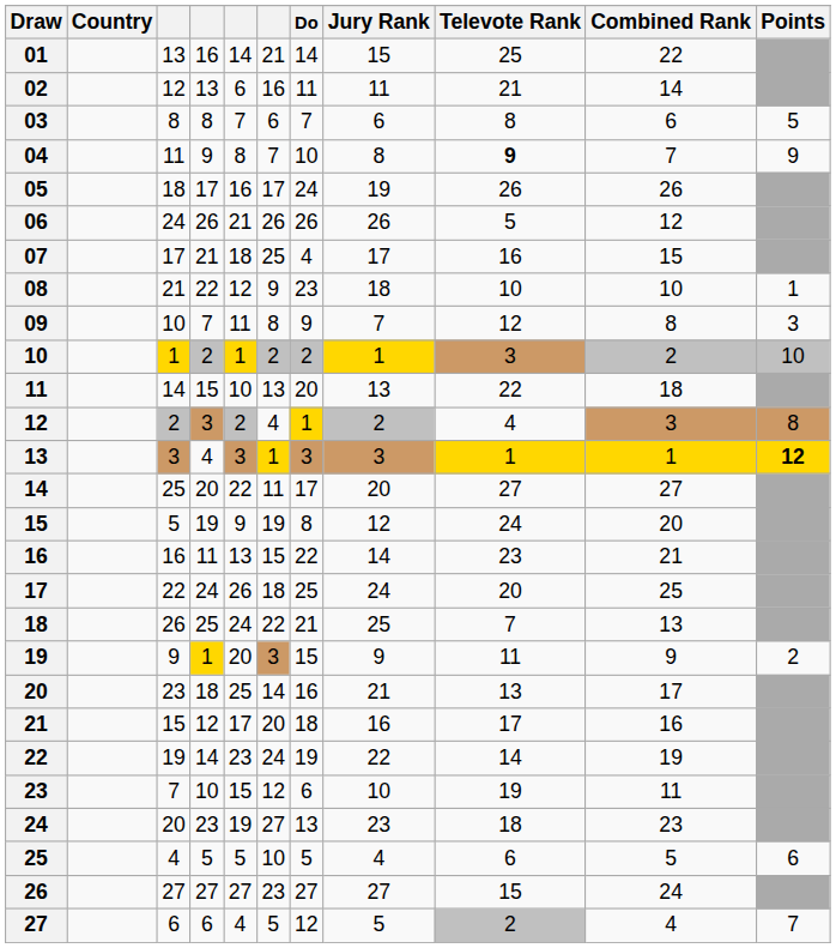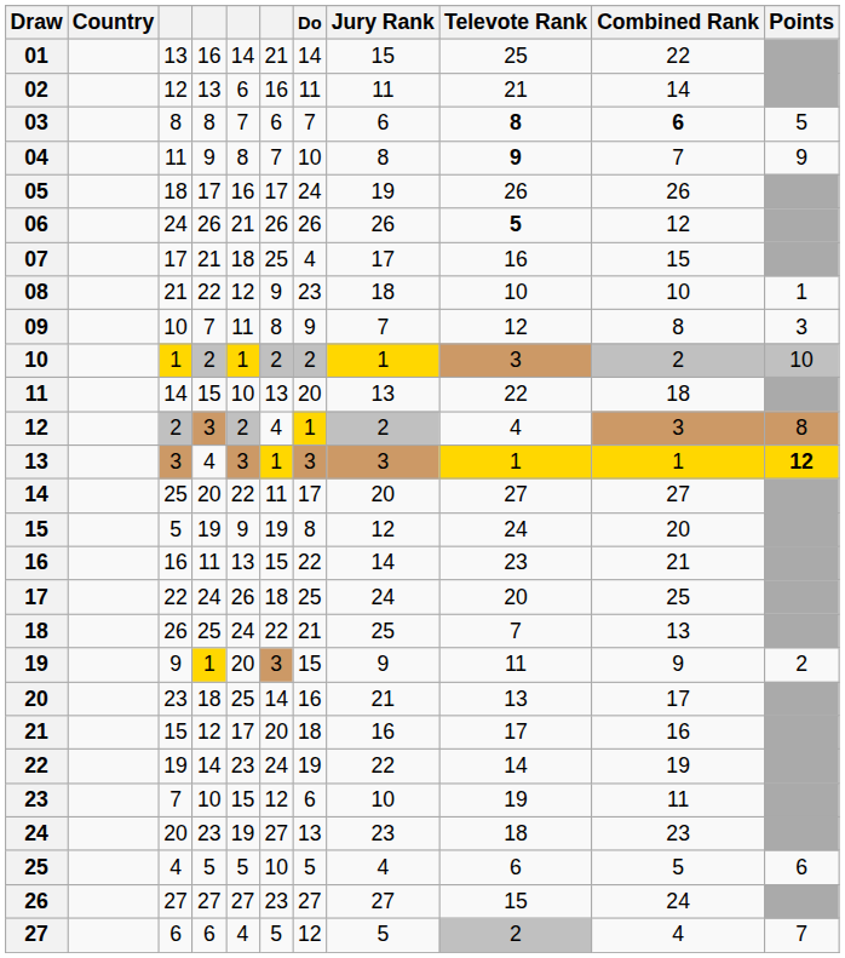 <table class="sortable wikitable collapsible plainrowheaders" style="text-align:center;">
 <tr>
 </tr>
 <tr>
 <th scope="col">Draw</th>
 <th scope="col">Country</th>
 <th scope="col"><small></small></th>
 <th scope="col"><small></small></th>
 <th scope="col"><small></small></th>
 <th scope="col"><small></small></th>
 <th scope="col"><small>Do</small></th>
 <th scope="col">Jury Rank</th>
 <th scope="col">Televote Rank</th>
 <th scope="col">Combined Rank</th>
 <th scope="col">Points</th>
 </tr>
 <tr>
 <th scope="row" style="text-align:center;">01</th>
 <td style="text-align:left;"></td>
 <td>13</td>
 <td>16</td>
 <td>14</td>
 <td>21</td>
 <td>14</td>
 <td>15</td>
 <td>25</td>
 <td>22</td>
 <td style="background:#AAAAAA;"></td>
 </tr>
 <tr>
 <th scope="row" style="text-align:center;">02</th>
 <td style="text-align:left;"></td>
 <td>12</td>
 <td>13</td>
 <td>6</td>
 <td>16</td>
 <td>11</td>
 <td>11</td>
 <td>21</td>
 <td>14</td>
 <td style="background:#AAAAAA;"></td>
 </tr>
 <tr>
 <th scope="row" style="text-align:center;">03</th>
 <td style="text-align:left;"></td>
 <td>8</td>
 <td>8</td>
 <td>7</td>
 <td>6</td>
 <td>7</td>
 <td>6</td>
-<td>8</td>
-<td>6</td>
+<td><strong>8</strong></td>
+<td><strong>6</strong></td>
 <td>5</td>
 </tr>
 <tr>
 <th scope="row" style="text-align:center;">04</th>
 <td style="text-align:left;"></td>
 <td>11</td>
 <td>9</td>
 <td>8</td>
 <td>7</td>
 <td>10</td>
 <td>8</td>
 <td><strong>9</strong></td>
 <td>7</td>
 <td>9</td>
 </tr>
 <tr>
 <th scope="row" style="text-align:center;">05</th>
 <td style="text-align:left;"></td>
 <td>18</td>
 <td>17</td>
 <td>16</td>
 <td>17</td>
 <td>24</td>
 <td>19</td>
 <td>26</td>
 <td>26</td>
 <td style="background:#AAAAAA;"></td>
 </tr>
 <tr>
 <th scope="row" style="text-align:center;">06</th>
 <td style="text-align:left;"></td>
 <td>24</td>
 <td>26</td>
 <td>21</td>
 <td>26</td>
 <td>26</td>
 <td>26</td>
-<td>5</td>
+<td><strong>5</strong></td>
 <td>12</td>
 <td style="background:#AAAAAA;"></td>
 </tr>
 <tr>
 <th scope="row" style="text-align:center;">07</th>
 <td style="text-align:left;"></td>
 <td>17</td>
 <td>21</td>
 <td>18</td>
 <td>25</td>
 <td>4</td>
 <td>17</td>
 <td>16</td>
 <td>15</td>
 <td style="background:#AAAAAA;"></td>
 </tr>
 <tr>
 <th scope="row" style="text-align:center;">08</th>
 <td style="text-align:left;"></td>
 <td>21</td>
 <td>22</td>
 <td>12</td>
 <td>9</td>
 <td>23</td>
 <td>18</td>
 <td>10</td>
 <td>10</td>
 <td>1</td>
 </tr>
 <tr>
 <th scope="row" style="text-align:center;">09</th>
 <td style="text-align:left;"></td>
 <td>10</td>
 <td>7</td>
 <td>11</td>
 <td>8</td>
 <td>9</td>
 <td>7</td>
 <td>12</td>
 <td>8</td>
 <td>3</td>
 </tr>
 <tr>
 <th scope="row" style="text-align:center;">10</th>
 <td style="text-align:left;"></td>
 <td style="background:gold;">1</td>
 <td style="background:silver;">2</td>
 <td style="background:gold;">1</td>
 <td style="background:silver;">2</td>
 <td style="background:silver;">2</td>
 <td style="background:gold;">1</td>
 <td style="background:#CC9966;">3</td>
 <td style="background:silver;">2</td>
 <td style="background:silver;">10</td>
 </tr>
 <tr>
 <th scope="row" style="text-align:center;">11</th>
 <td style="text-align:left;"></td>
 <td>14</td>
 <td>15</td>
 <td>10</td>
 <td>13</td>
 <td>20</td>
 <td>13</td>
 <td>22</td>
 <td>18</td>
 <td style="background:#AAAAAA;"></td>
 </tr>
 <tr>
 <th scope="row" style="text-align:center;">12</th>
 <td style="text-align:left;"></td>
 <td style="background:silver;">2</td>
 <td style="background:#CC9966;">3</td>
 <td style="background:silver;">2</td>
 <td>4</td>
 <td style="background:gold;">1</td>
 <td style="background:silver;">2</td>
 <td>4</td>
 <td style="background:#CC9966;">3</td>
 <td style="background:#CC9966;">8</td>
 </tr>
 <tr>
 <th scope="row" style="text-align:center;">13</th>
 <td style="text-align:left;"></td>
 <td style="background:#CC9966;">3</td>
 <td>4</td>
 <td style="background:#CC9966;">3</td>
 <td style="background:gold;">1</td>
 <td style="background:#CC9966;">3</td>
 <td style="background:#CC9966;">3</td>
 <td style="background:gold;">1</td>
 <td style="background:gold;">1</td>
 <td style="background:gold;"><strong>12</strong></td>
 </tr>
 <tr>
 <th scope="row" style="text-align:center;">14</th>
 <td style="text-align:left;"></td>
 <td>25</td>
 <td>20</td>
 <td>22</td>
 <td>11</td>
 <td>17</td>
 <td>20</td>
 <td>27</td>
 <td>27</td>
 <td style="background:#AAAAAA;"></td>
 </tr>
 <tr>
 <th scope="row" style="text-align:center;">15</th>
 <td style="text-align:left;"></td>
 <td>5</td>
 <td>19</td>
 <td>9</td>
 <td>19</td>
 <td>8</td>
 <td>12</td>
 <td>24</td>
 <td>20</td>
 <td style="background:#AAAAAA;"></td>
 </tr>
 <tr>
 <th scope="row" style="text-align:center;">16</th>
 <td style="text-align:left;"></td>
 <td>16</td>
 <td>11</td>
 <td>13</td>
 <td>15</td>
 <td>22</td>
 <td>14</td>
 <td>23</td>
 <td>21</td>
 <td style="background:#AAAAAA;"></td>
 </tr>
 <tr>
 <th scope="row" style="text-align:center;">17</th>
 <td style="text-align:left;"></td>
 <td>22</td>
 <td>24</td>
 <td>26</td>
 <td>18</td>
 <td>25</td>
 <td>24</td>
 <td>20</td>
 <td>25</td>
 <td style="background:#AAAAAA;"></td>
 </tr>
 <tr>
 <th scope="row" style="text-align:center;">18</th>
 <td style="text-align:left;"></td>
 <td>26</td>
 <td>25</td>
 <td>24</td>
 <td>22</td>
 <td>21</td>
 <td>25</td>
 <td>7</td>
 <td>13</td>
 <td style="background:#AAAAAA;"></td>
 </tr>
 <tr>
 <th scope="row" style="text-align:center;">19</th>
 <td style="text-align:left;"></td>
 <td>9</td>
 <td style="background:gold;">1</td>
 <td>20</td>
 <td style="background:#CC9966;">3</td>
 <td>15</td>
 <td>9</td>
 <td>11</td>
 <td>9</td>
 <td>2</td>
 </tr>
 <tr>
 <th scope="row" style="text-align:center;">20</th>
 <td style="text-align:left;"></td>
 <td>23</td>
 <td>18</td>
 <td>25</td>
 <td>14</td>
 <td>16</td>
 <td>21</td>
 <td>13</td>
 <td>17</td>
 <td style="background:#AAAAAA;"></td>
 </tr>
 <tr>
 <th scope="row" style="text-align:center;">21</th>
 <td style="text-align:left;"></td>
 <td>15</td>
 <td>12</td>
 <td>17</td>
 <td>20</td>
 <td>18</td>
 <td>16</td>
 <td>17</td>
 <td>16</td>
 <td style="background:#AAAAAA;"></td>
 </tr>
 <tr>
 <th scope="row" style="text-align:center;">22</th>
 <td style="text-align:left;"></td>
 <td>19</td>
 <td>14</td>
 <td>23</td>
 <td>24</td>
 <td>19</td>
 <td>22</td>
 <td>14</td>
 <td>19</td>
 <td style="background:#AAAAAA;"></td>
 </tr>
 <tr>
 <th scope="row" style="text-align:center;">23</th>
 <td style="text-align:left;"></td>
 <td>7</td>
 <td>10</td>
 <td>15</td>
 <td>12</td>
 <td>6</td>
 <td>10</td>
 <td>19</td>
 <td>11</td>
 <td style="background:#AAAAAA;"></td>
 </tr>
 <tr>
 <th scope="row" style="text-align:center;">24</th>
 <td style="text-align:left;"></td>
 <td>20</td>
 <td>23</td>
 <td>19</td>
 <td>27</td>
 <td>13</td>
 <td>23</td>
 <td>18</td>
 <td>23</td>
 <td style="background:#AAAAAA;"></td>
 </tr>
 <tr>
 <th scope="row" style="text-align:center;">25</th>
 <td style="text-align:left;"></td>
 <td>4</td>
 <td>5</td>
 <td>5</td>
 <td>10</td>
 <td>5</td>
 <td>4</td>
 <td>6</td>
 <td>5</td>
 <td>6</td>
 </tr>
 <tr>
 <th scope="row" style="text-align:center;">26</th>
 <td style="text-align:left;"></td>
 <td>27</td>
 <td>27</td>
 <td>27</td>
 <td>23</td>
 <td>27</td>
 <td>27</td>
 <td>15</td>
 <td>24</td>
 <td style="background:#AAAAAA;"></td>
 </tr>
 <tr>
 <th scope="row" style="text-align:center;">27</th>
 <td style="text-align:left;"></td>
 <td>6</td>
 <td>6</td>
 <td>4</td>
 <td>5</td>
 <td>12</td>
 <td>5</td>
 <td style="background:silver;">2</td>
 <td>4</td>
 <td>7</td>
 </tr>
 </table>
